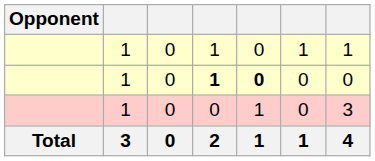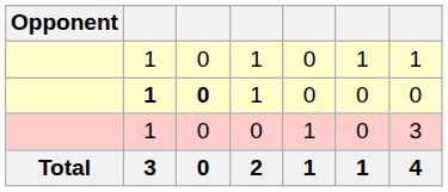 <table class="wikitable sortable" style="text-align: center;">
 <tr>
 <th width="30">Opponent</th>
 <th width="30"></th>
 <th width="30"></th>
 <th width="30"></th>
 <th width="30"></th>
 <th width="30"></th>
 <th width="30"></th>
 </tr>
 <tr bgcolor=#FFFFCC>
 <td align="left"></td>
 <td>1</td>
 <td>0</td>
 <td>1</td>
 <td>0</td>
 <td>1</td>
 <td>1</td>
 </tr>
 <tr bgcolor=#FFFFCC>
 <td align="left"></td>
+<td><strong>1</strong></td>
+<td><strong>0</strong></td>
 <td>1</td>
 <td>0</td>
-<td><strong>1</strong></td>
-<td><strong>0</strong></td>
 <td>0</td>
 <td>0</td>
 </tr>
 <tr bgcolor=#FFCCCC>
 <td align="left"></td>
 <td>1</td>
 <td>0</td>
 <td>0</td>
 <td>1</td>
 <td>0</td>
 <td>3</td>
 </tr>
 <tr>
 <th>Total</th>
 <th>3</th>
 <th>0</th>
 <th>2</th>
 <th>1</th>
 <th>1</th>
 <th>4</th>
 </tr>
 </table>
